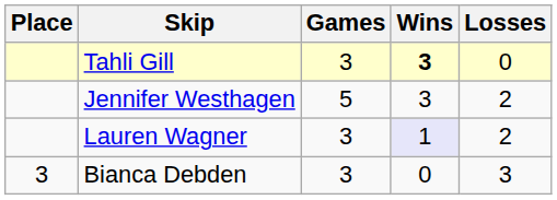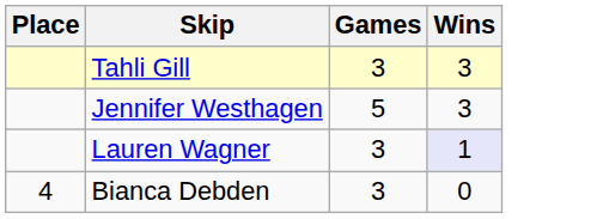 <table class="wikitable" style="text-align:center;">
 <tr>
 <th>Place</th>
 <th>Skip</th>
 <th>Games</th>
 <th>Wins</th>
-<th>Losses</th>
 </tr>
 <tr bgcolor=#ffffcc>
 <td></td>
 <td align=left><a href='#'>Tahli Gill</a></td>
 <td>3</td>
-<td><strong>3</strong></td>
-<td>0</td>
+<td>3</td>
 </tr>
 <tr>
 <td></td>
 <td align=left><a href='#'>Jennifer Westhagen</a></td>
 <td>5</td>
 <td>3</td>
-<td>2</td>
 </tr>
 <tr>
 <td></td>
 <td align=left><a href='#'>Lauren Wagner</a></td>
 <td>3</td>
 <td style="background: lavender;">1</td>
-<td>2</td>
 </tr>
 <tr>
-<td>3</td>
+<td>4</td>
 <td align=left>Bianca Debden</td>
 <td>3</td>
 <td>0</td>
-<td>3</td>
 </tr>
 </table>
